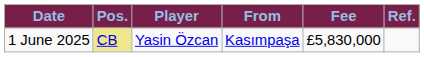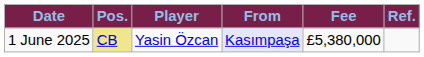 <table class="wikitable plainrowheaders sortable">
 <tr>
 <th style="background:#771F48; color:#94BEE5; ">Date</th>
 <th style="background:#771F48; color:#94BEE5; ">Pos.</th>
 <th style="background:#771F48; color:#94BEE5; ">Player</th>
 <th style="background:#771F48; color:#94BEE5; ">From</th>
 <th style="background:#771F48; color:#94BEE5; ">Fee</th>
 <th style="background:#771F48; color:#94BEE5; ">Ref.</th>
 </tr>
 <tr>
 <td>1 June 2025</td>
 <td style="background: khaki;"><a href='#'>CB</a></td>
 <td> <a href='#'>Yasin Özcan</a></td>
-<td> <a href='#'>Kasımpaşa</a></td>
-<td>£5,830,000</td>
+<td style="background: lavender;"> <a href='#'>Kasımpaşa</a></td>
+<td>£5,380,000</td>
 <td></td>
 </tr>
 </table>
